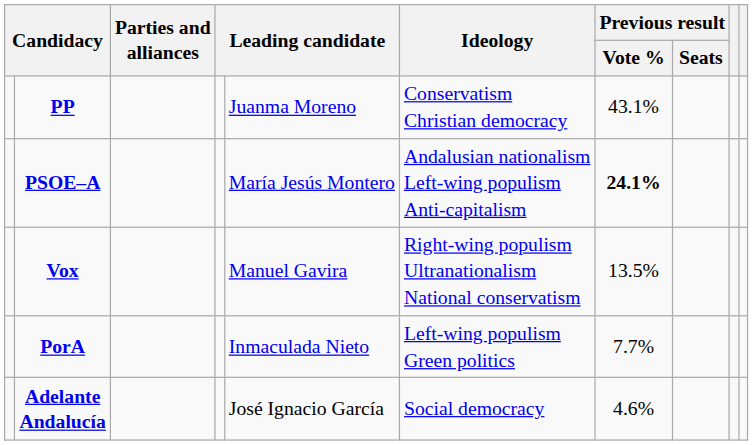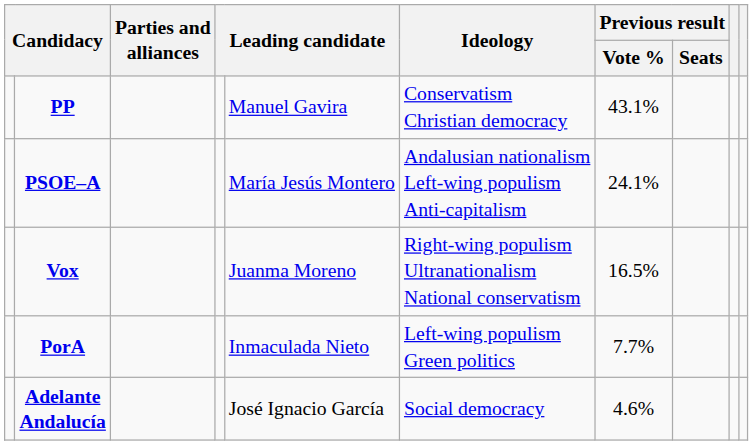 <table class="wikitable" style="line-height:1.35em; text-align:left;">
 <tr>
 <th colspan="2" rowspan="2">Candidacy</th>
 <th rowspan="2">Parties and<br>alliances</th>
 <th colspan="2" rowspan="2">Leading candidate</th>
 <th rowspan="2">Ideology</th>
 <th colspan="2">Previous result</th>
 <th rowspan="2"></th>
 <th rowspan="2"></th>
 </tr>
 <tr>
 <th>Vote %</th>
 <th>Seats</th>
 </tr>
 <tr>
 <td width="1" style="color:inherit;background:"></td>
 <td align="center"><strong><a href='#'>PP</a></strong></td>
 <td></td>
 <td></td>
-<td><a href='#'>Juanma Moreno</a></td>
+<td><a href='#'>Manuel Gavira</a></td>
 <td><a href='#'>Conservatism</a><br><a href='#'>Christian democracy</a></td>
 <td align="center">43.1%</td>
 <td></td>
 <td></td>
 <td></td>
 </tr>
 <tr>
 <td style="color:inherit;background:"></td>
 <td align="center"><strong><a href='#'>PSOE–A</a></strong></td>
 <td></td>
 <td></td>
 <td><a href='#'>María Jesús Montero</a></td>
 <td><a href='#'>Andalusian nationalism</a><br><a href='#'>Left-wing populism</a><br><a href='#'>Anti-capitalism</a></td>
-<td align="center"><strong>24.1%</strong></td>
+<td align="center">24.1%</td>
 <td></td>
 <td></td>
 <td><br></td>
 </tr>
 <tr>
 <td style="color:inherit;background:"></td>
 <td align="center"><strong><a href='#'>Vox</a></strong></td>
 <td></td>
 <td></td>
-<td><a href='#'>Manuel Gavira</a></td>
+<td><a href='#'>Juanma Moreno</a></td>
 <td><a href='#'>Right-wing populism</a><br><a href='#'>Ultranationalism</a><br><a href='#'>National conservatism</a></td>
-<td align="center">13.5%</td>
+<td align="center">16.5%</td>
 <td></td>
 <td></td>
 <td></td>
 </tr>
 <tr>
 <td style="color:inherit;background:"></td>
 <td align="center"><strong><a href='#'>PorA</a></strong></td>
 <td></td>
 <td></td>
 <td><a href='#'>Inmaculada Nieto</a></td>
 <td><a href='#'>Left-wing populism</a><br><a href='#'>Green politics</a></td>
 <td align="center">7.7%</td>
 <td></td>
 <td></td>
 <td></td>
 </tr>
 <tr>
 <td style="color:inherit;background:"></td>
 <td align="center"><strong><a href='#'>Adelante<br>Andalucía</a></strong></td>
 <td></td>
 <td></td>
 <td>José Ignacio García</td>
 <td><a href='#'>Social democracy</a></td>
 <td align="center">4.6%</td>
 <td></td>
 <td></td>
 <td><br><br></td>
 </tr>
 </table>
